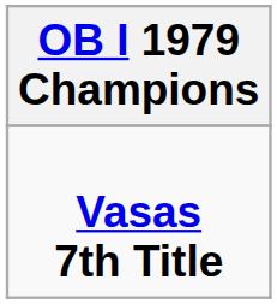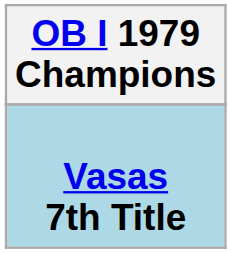 <table class="wikitable" style="text-align: center; margin: 0 auto;">
 <tr>
 <th><a href='#'>OB I</a> 1979<br>Champions</th>
 </tr>
 <tr>
 </tr>
 <tr>
-<td> <br><strong><a href='#'>Vasas</a></strong><br><strong>7th Title</strong></td>
+<td style="background: lightblue;"> <br><strong><a href='#'>Vasas</a></strong><br><strong>7th Title</strong></td>
 </tr>
 </table>
